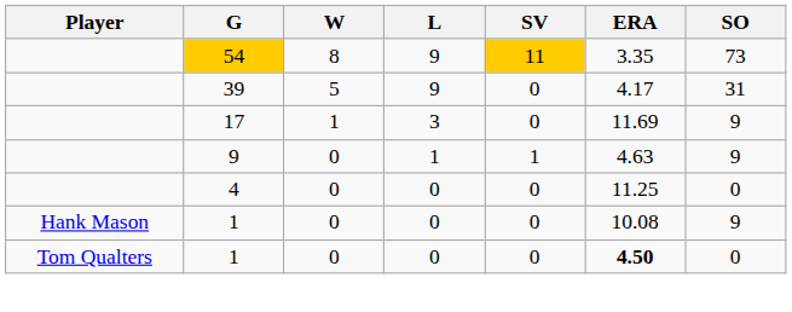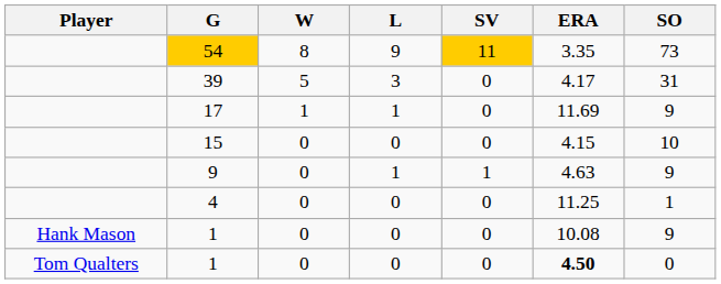 <table class="wikitable sortable">
 <tr>
 <th bgcolor="#DDDDFF" width="16%">Player</th>
 <th bgcolor="#DDDDFF" width="9%">G</th>
 <th bgcolor="#DDDDFF" width="9%">W</th>
 <th bgcolor="#DDDDFF" width="9%">L</th>
 <th bgcolor="#DDDDFF" width="9%">SV</th>
 <th bgcolor="#DDDDFF" width="9%">ERA</th>
 <th bgcolor="#DDDDFF" width="9%">SO</th>
 </tr>
 <tr align="center">
 <td></td>
 <td style="background:#fc0;">54</td>
 <td>8</td>
 <td>9</td>
 <td style="background:#fc0;">11</td>
 <td>3.35</td>
 <td>73</td>
 </tr>
 <tr align="center">
 <td></td>
 <td>39</td>
 <td>5</td>
-<td>9</td>
+<td>3</td>
 <td>0</td>
 <td>4.17</td>
 <td>31</td>
 </tr>
 <tr align="center">
 <td></td>
 <td>17</td>
 <td>1</td>
-<td>3</td>
+<td>1</td>
 <td>0</td>
 <td>11.69</td>
 <td>9</td>
+</tr>
+<tr align="center">
+<td></td>
+<td>15</td>
+<td>0</td>
+<td>0</td>
+<td>0</td>
+<td>4.15</td>
+<td>10</td>
 </tr>
 <tr align="center">
 <td></td>
 <td>9</td>
 <td>0</td>
 <td>1</td>
 <td>1</td>
 <td>4.63</td>
 <td>9</td>
 </tr>
 <tr align="center">
 <td></td>
 <td>4</td>
 <td>0</td>
 <td>0</td>
 <td>0</td>
 <td>11.25</td>
-<td>0</td>
+<td>1</td>
 </tr>
 <tr align="center">
 <td><a href='#'>Hank Mason</a></td>
 <td>1</td>
 <td>0</td>
 <td>0</td>
 <td>0</td>
 <td>10.08</td>
 <td>9</td>
 </tr>
 <tr align=center>
 <td><a href='#'>Tom Qualters</a></td>
 <td>1</td>
 <td>0</td>
 <td>0</td>
 <td>0</td>
 <td><strong>4.50</strong></td>
 <td>0</td>
 </tr>
 </table>
